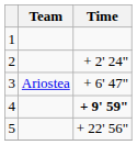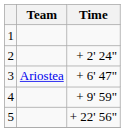 <table class="wikitable">
 <tr>
 <th></th>
 <th>Team</th>
 <th>Time</th>
 </tr>
 <tr>
 <td style="text-align:center;">1</td>
 <td></td>
 <td align=right></td>
 </tr>
 <tr>
 <td style="text-align:center;">2</td>
 <td></td>
 <td align=right>+ 2' 24"</td>
 </tr>
 <tr>
 <td style="text-align:center;">3</td>
 <td><a href='#'>Ariostea</a></td>
 <td align=right>+ 6' 47"</td>
 </tr>
 <tr>
 <td style="text-align:center;">4</td>
 <td></td>
-<td align=right><strong>+ 9' 59"</strong></td>
+<td align=right>+ 9' 59"</td>
 </tr>
 <tr>
 <td style="text-align:center;">5</td>
 <td></td>
 <td align=right>+ 22' 56"</td>
 </tr>
 <tr>
 </tr>
 </table>
